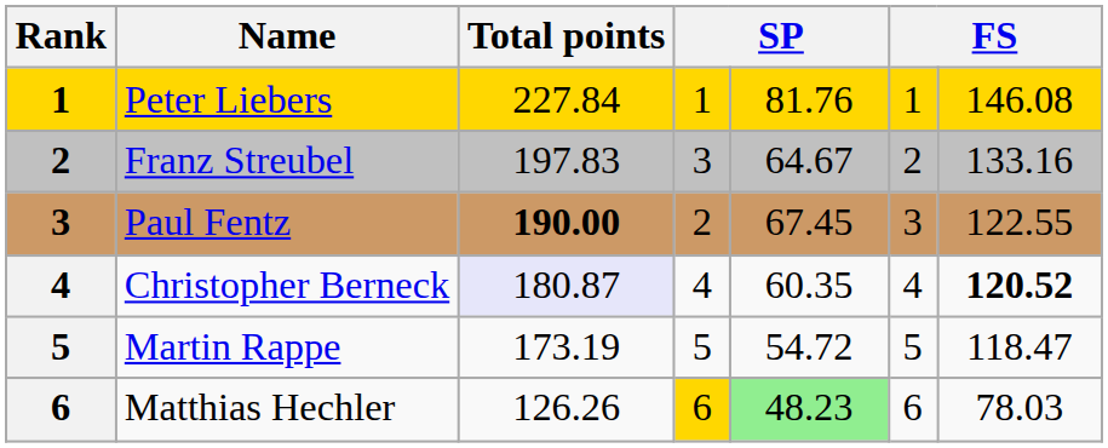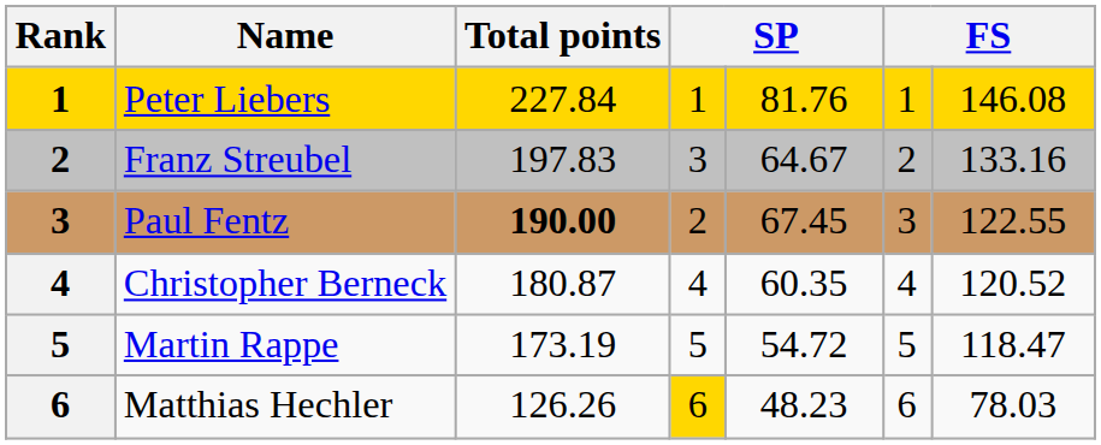 <table class="wikitable sortable">
 <tr>
 <th>Rank</th>
 <th>Name</th>
 <th>Total points</th>
 <th colspan="2" width="80px"><a href='#'>SP</a></th>
 <th colspan="2" width="80px"><a href='#'>FS</a></th>
 </tr>
 <tr bgcolor="gold">
 <td align="center"><strong>1</strong></td>
 <td><a href='#'>Peter Liebers</a></td>
 <td align="center">227.84</td>
 <td align="center">1</td>
 <td align="center">81.76</td>
 <td align="center">1</td>
 <td align="center">146.08</td>
 </tr>
 <tr bgcolor="silver">
 <td align="center"><strong>2</strong></td>
 <td><a href='#'>Franz Streubel</a></td>
 <td align="center">197.83</td>
 <td align="center">3</td>
 <td align="center">64.67</td>
 <td align="center">2</td>
 <td align="center">133.16</td>
 </tr>
 <tr bgcolor="cc9966">
 <td align="center"><strong>3</strong></td>
 <td><a href='#'>Paul Fentz</a></td>
 <td align="center"><strong>190.00</strong></td>
 <td align="center">2</td>
 <td align="center">67.45</td>
 <td align="center">3</td>
 <td align="center">122.55</td>
 </tr>
 <tr>
 <th>4</th>
 <td><a href='#'>Christopher Berneck</a></td>
-<td align="center" style="background: lavender;">180.87</td>
+<td align="center">180.87</td>
 <td align="center">4</td>
 <td align="center">60.35</td>
 <td align="center">4</td>
-<td align="center"><strong>120.52</strong></td>
+<td align="center">120.52</td>
 </tr>
 <tr>
 <th>5</th>
 <td><a href='#'>Martin Rappe</a></td>
 <td align="center">173.19</td>
 <td align="center">5</td>
 <td align="center">54.72</td>
 <td align="center">5</td>
 <td align="center">118.47</td>
 </tr>
 <tr>
 <th>6</th>
 <td>Matthias Hechler</td>
 <td align="center">126.26</td>
 <td align="center" style="background: gold;">6</td>
-<td align="center" style="background: lightgreen;">48.23</td>
+<td align="center">48.23</td>
 <td align="center">6</td>
 <td align="center">78.03</td>
 </tr>
 </table>
